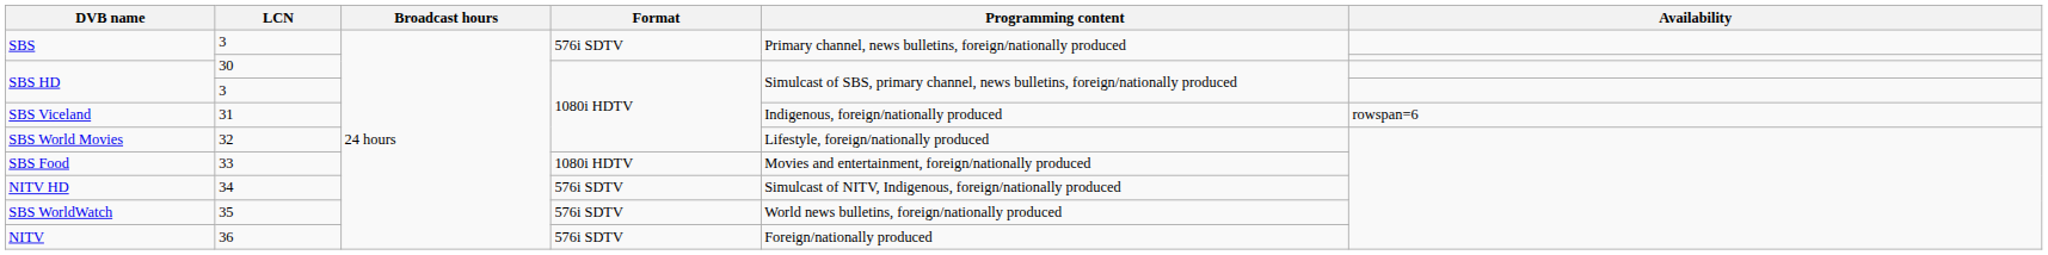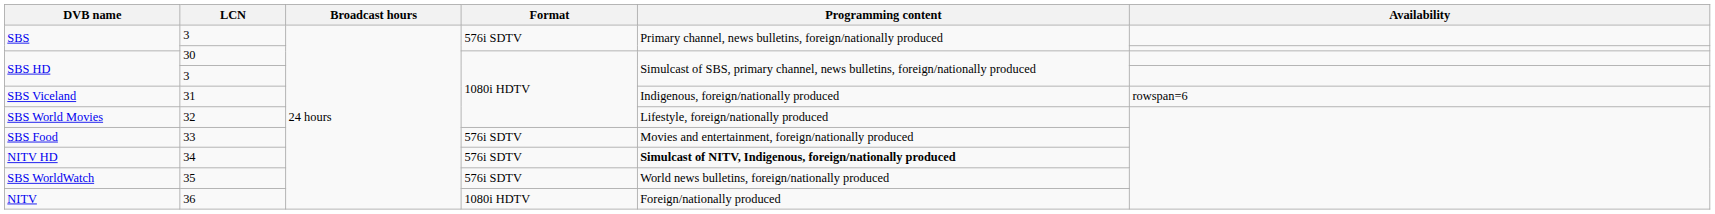 <table class="wikitable" style="font-size:90%; width:100%;">
 <tr>
 <th width="10%">DVB name</th>
 <th width="6%">LCN</th>
 <th width="10%">Broadcast hours</th>
 <th width="10%">Format</th>
 <th width="28%">Programming content</th>
 <th width="33%">Availability</th>
 </tr>
 <tr>
 <td rowspan=2><a href='#'>SBS</a></td>
 <td>3</td>
 <td rowspan=10>24 hours</td>
 <td rowspan=2>576i SDTV</td>
 <td rowspan=2>Primary channel, news bulletins, foreign/nationally produced </td>
 <td></td>
 </tr>
 <tr>
 <td rowspan=2>30</td>
 <td></td>
 </tr>
 <tr>
 <td rowspan=2><a href='#'>SBS HD</a></td>
 <td rowspan=4>1080i HDTV<br></td>
 <td rowspan=2>Simulcast of SBS, primary channel, news bulletins, foreign/nationally produced </td>
 <td></td>
 </tr>
 <tr>
 <td>3</td>
 <td></td>
 </tr>
 <tr>
 <td><a href='#'>SBS Viceland</a></td>
 <td>31</td>
 <td>Indigenous, foreign/nationally produced </td>
 <td>rowspan=6 </td>
 </tr>
 <tr>
 <td><a href='#'>SBS World Movies</a></td>
 <td>32</td>
 <td>Lifestyle, foreign/nationally produced </td>
 </tr>
 <tr>
 <td><a href='#'>SBS Food</a></td>
 <td>33</td>
-<td>1080i HDTV<br></td>
+<td>576i SDTV<br></td>
 <td>Movies and entertainment, foreign/nationally produced </td>
 </tr>
 <tr>
 <td><a href='#'>NITV HD</a></td>
 <td>34</td>
 <td>576i SDTV<br></td>
-<td>Simulcast of NITV, Indigenous, foreign/nationally produced </td>
+<td><strong>Simulcast of NITV, Indigenous, foreign/nationally produced </strong></td>
 </tr>
 <tr>
 <td><a href='#'>SBS WorldWatch</a></td>
 <td>35</td>
 <td>576i SDTV<br></td>
 <td>World news bulletins, foreign/nationally produced </td>
 </tr>
 <tr>
 <td><a href='#'>NITV</a></td>
 <td>36</td>
-<td>576i SDTV</td>
+<td>1080i HDTV<br></td>
 <td>Foreign/nationally produced </td>
 </tr>
 </table>
